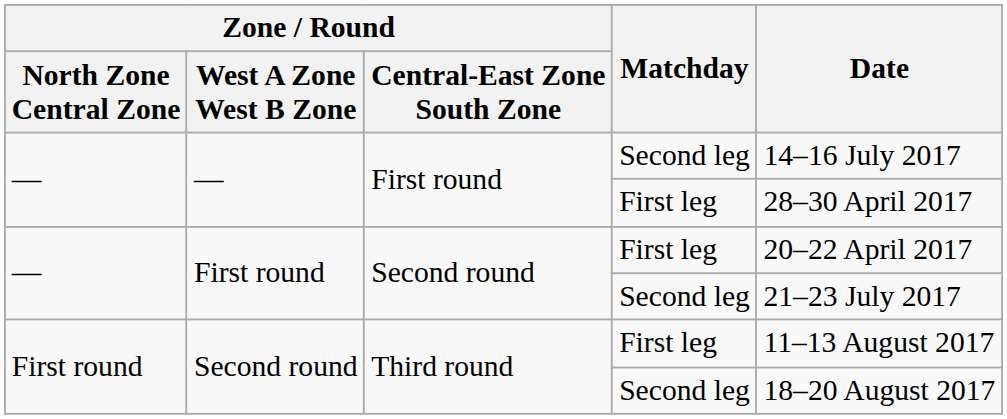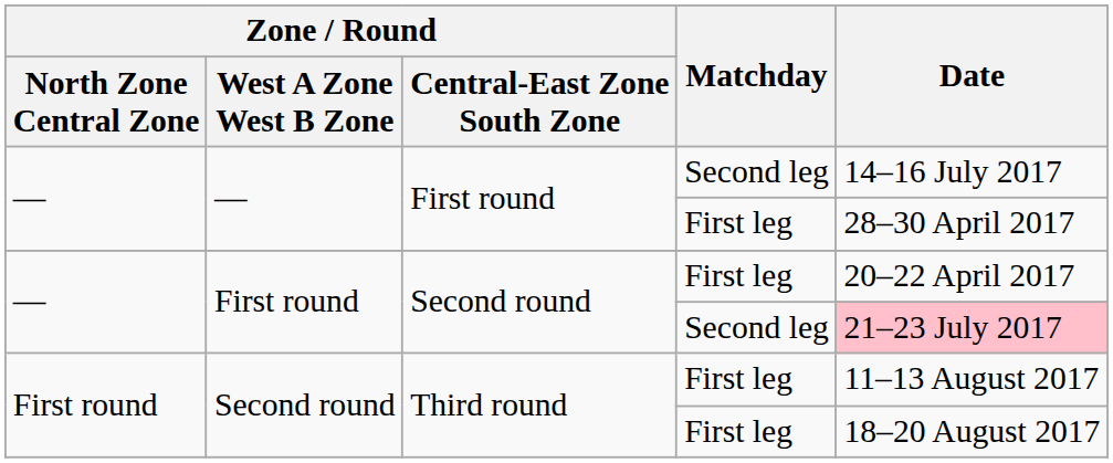 <table class="wikitable">
 <tr>
 <th colspan=3>Zone / Round</th>
 <th rowspan=2>Matchday</th>
 <th rowspan=2>Date</th>
 </tr>
 <tr>
 <th>North Zone<br>Central Zone</th>
 <th>West A Zone<br>West B Zone</th>
 <th>Central-East Zone<br>South Zone</th>
 </tr>
 <tr>
 <td rowspan=2>—</td>
 <td rowspan=2>—</td>
 <td rowspan=2>First round</td>
 <td>Second leg</td>
 <td>14–16 July 2017</td>
 </tr>
 <tr>
 <td>First leg</td>
 <td>28–30 April 2017</td>
 </tr>
 <tr>
 <td rowspan=2>—</td>
 <td rowspan=2>First round</td>
 <td rowspan=2>Second round</td>
 <td>First leg</td>
 <td>20–22 April 2017</td>
 </tr>
 <tr>
 <td>Second leg</td>
-<td>21–23 July 2017</td>
+<td style="background: pink;">21–23 July 2017</td>
 </tr>
 <tr>
 <td rowspan=2>First round</td>
 <td rowspan=2>Second round</td>
 <td rowspan=2>Third round</td>
 <td>First leg</td>
 <td>11–13 August 2017</td>
 </tr>
 <tr>
-<td>Second leg</td>
+<td>First leg</td>
 <td>18–20 August 2017</td>
 </tr>
 </table>
